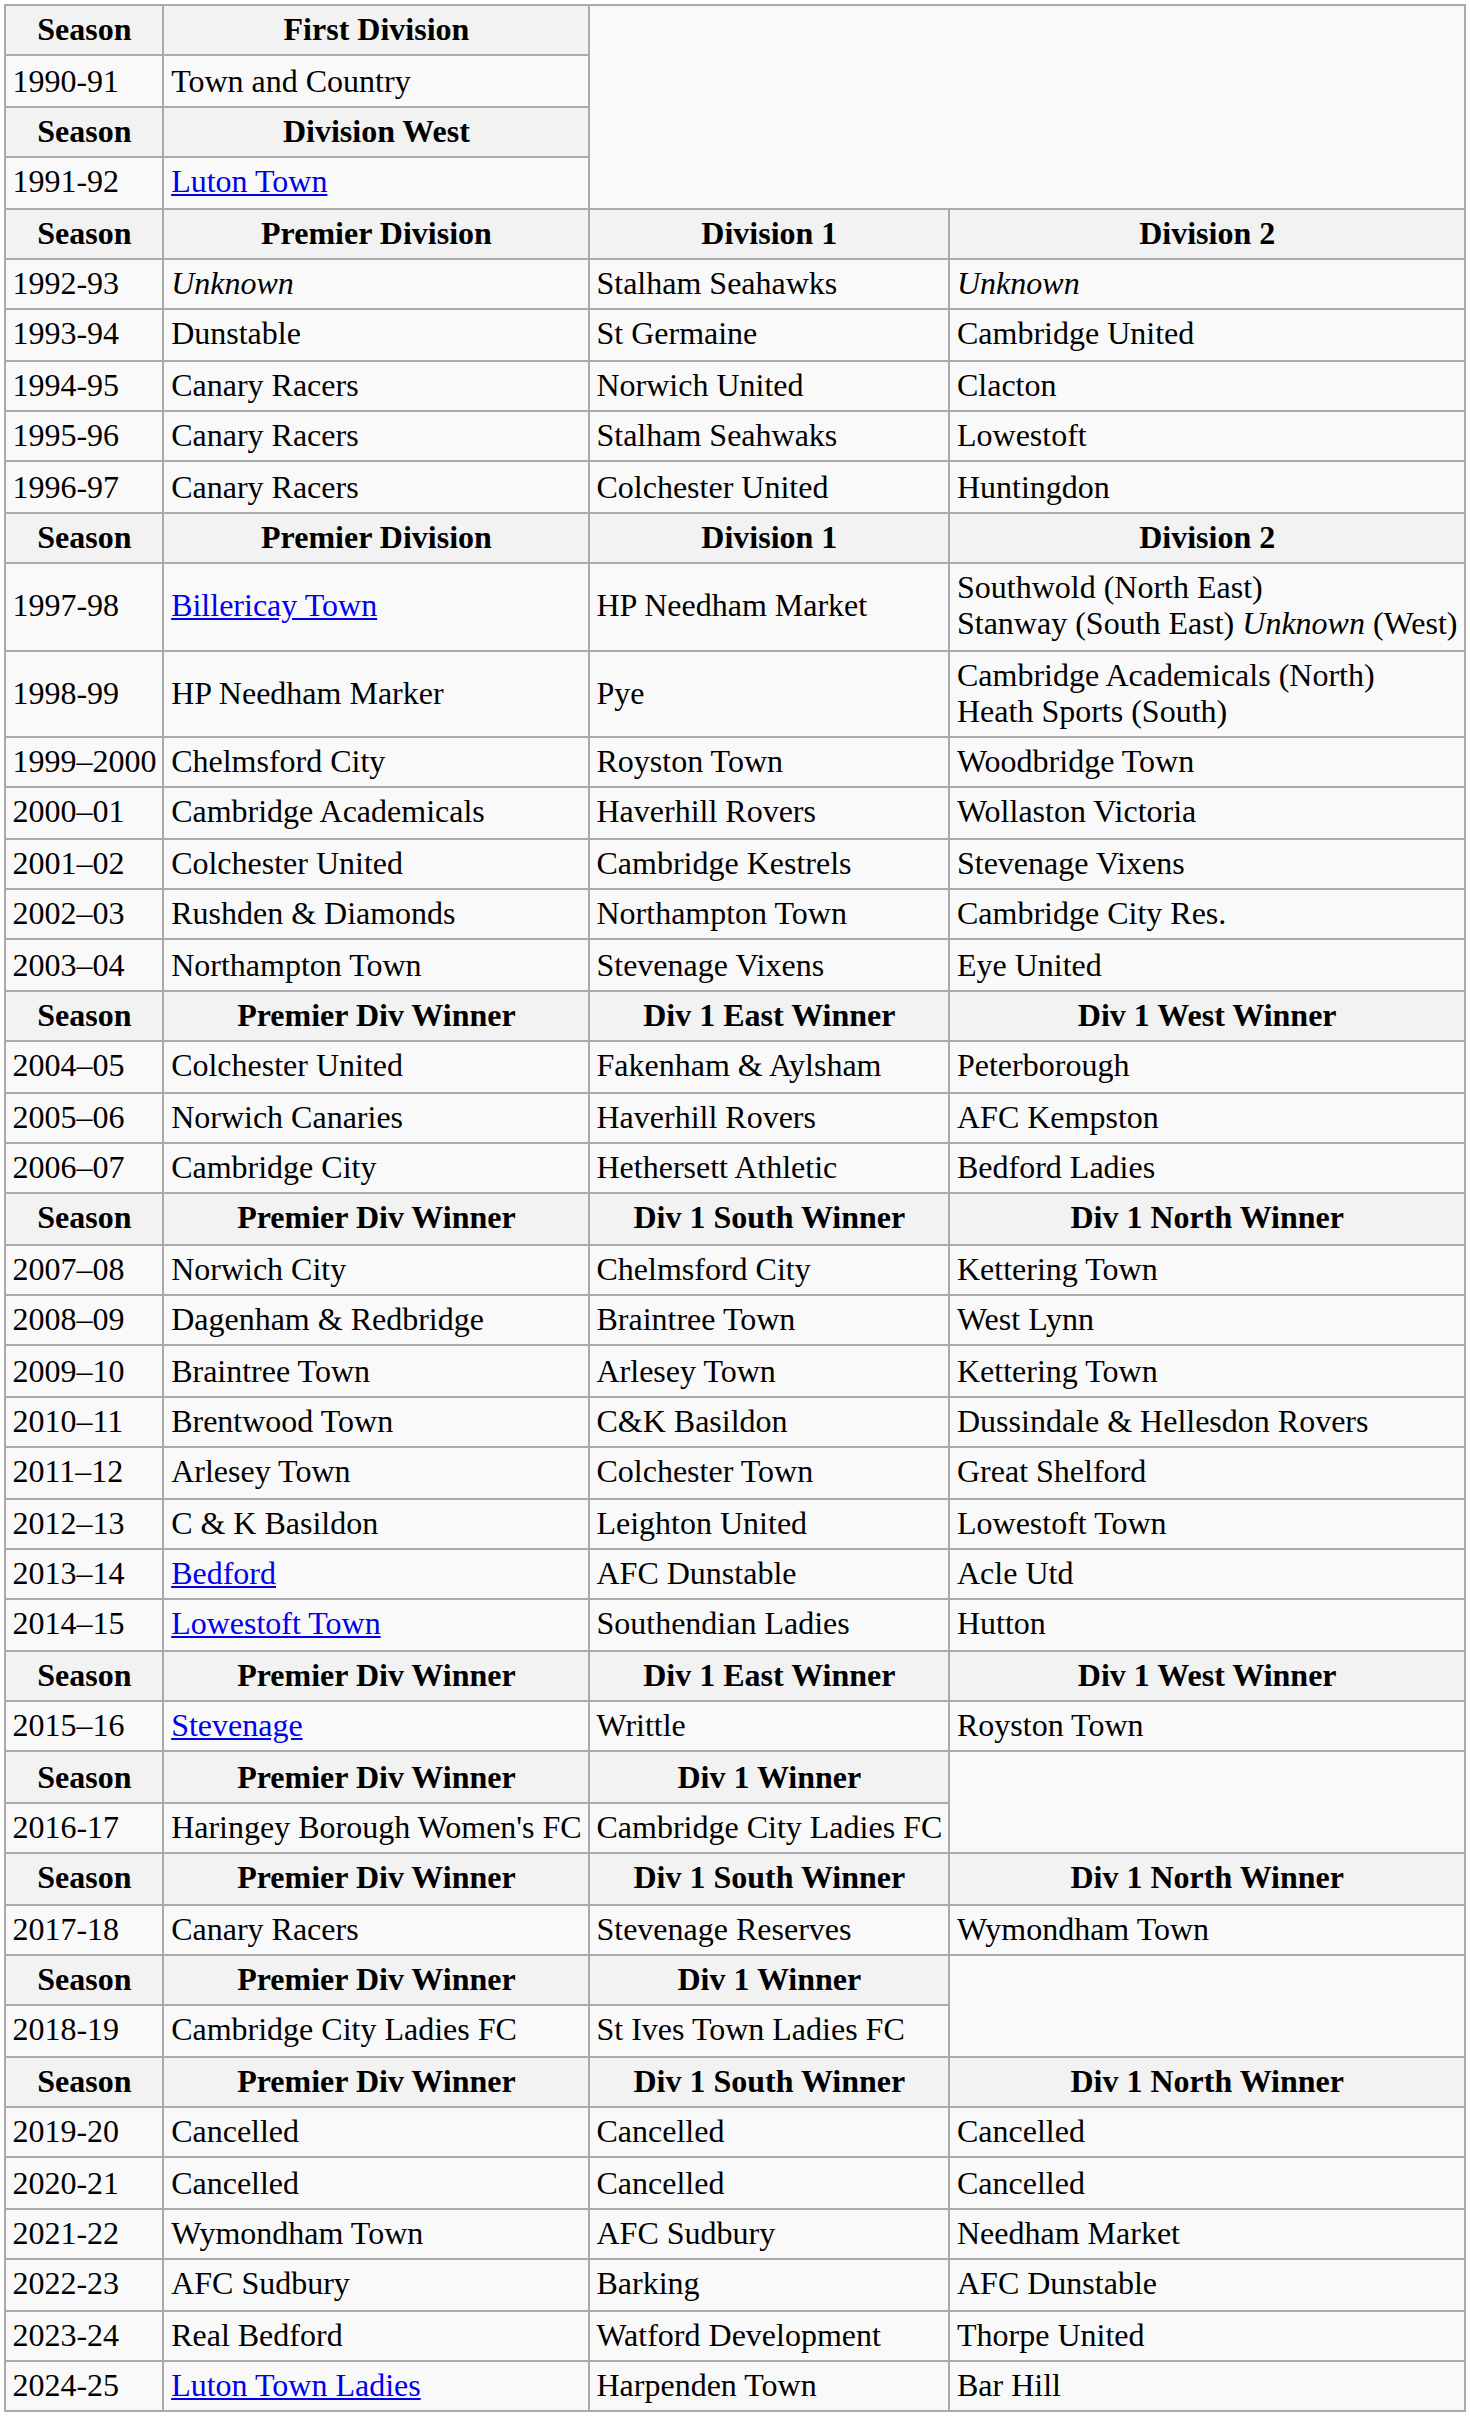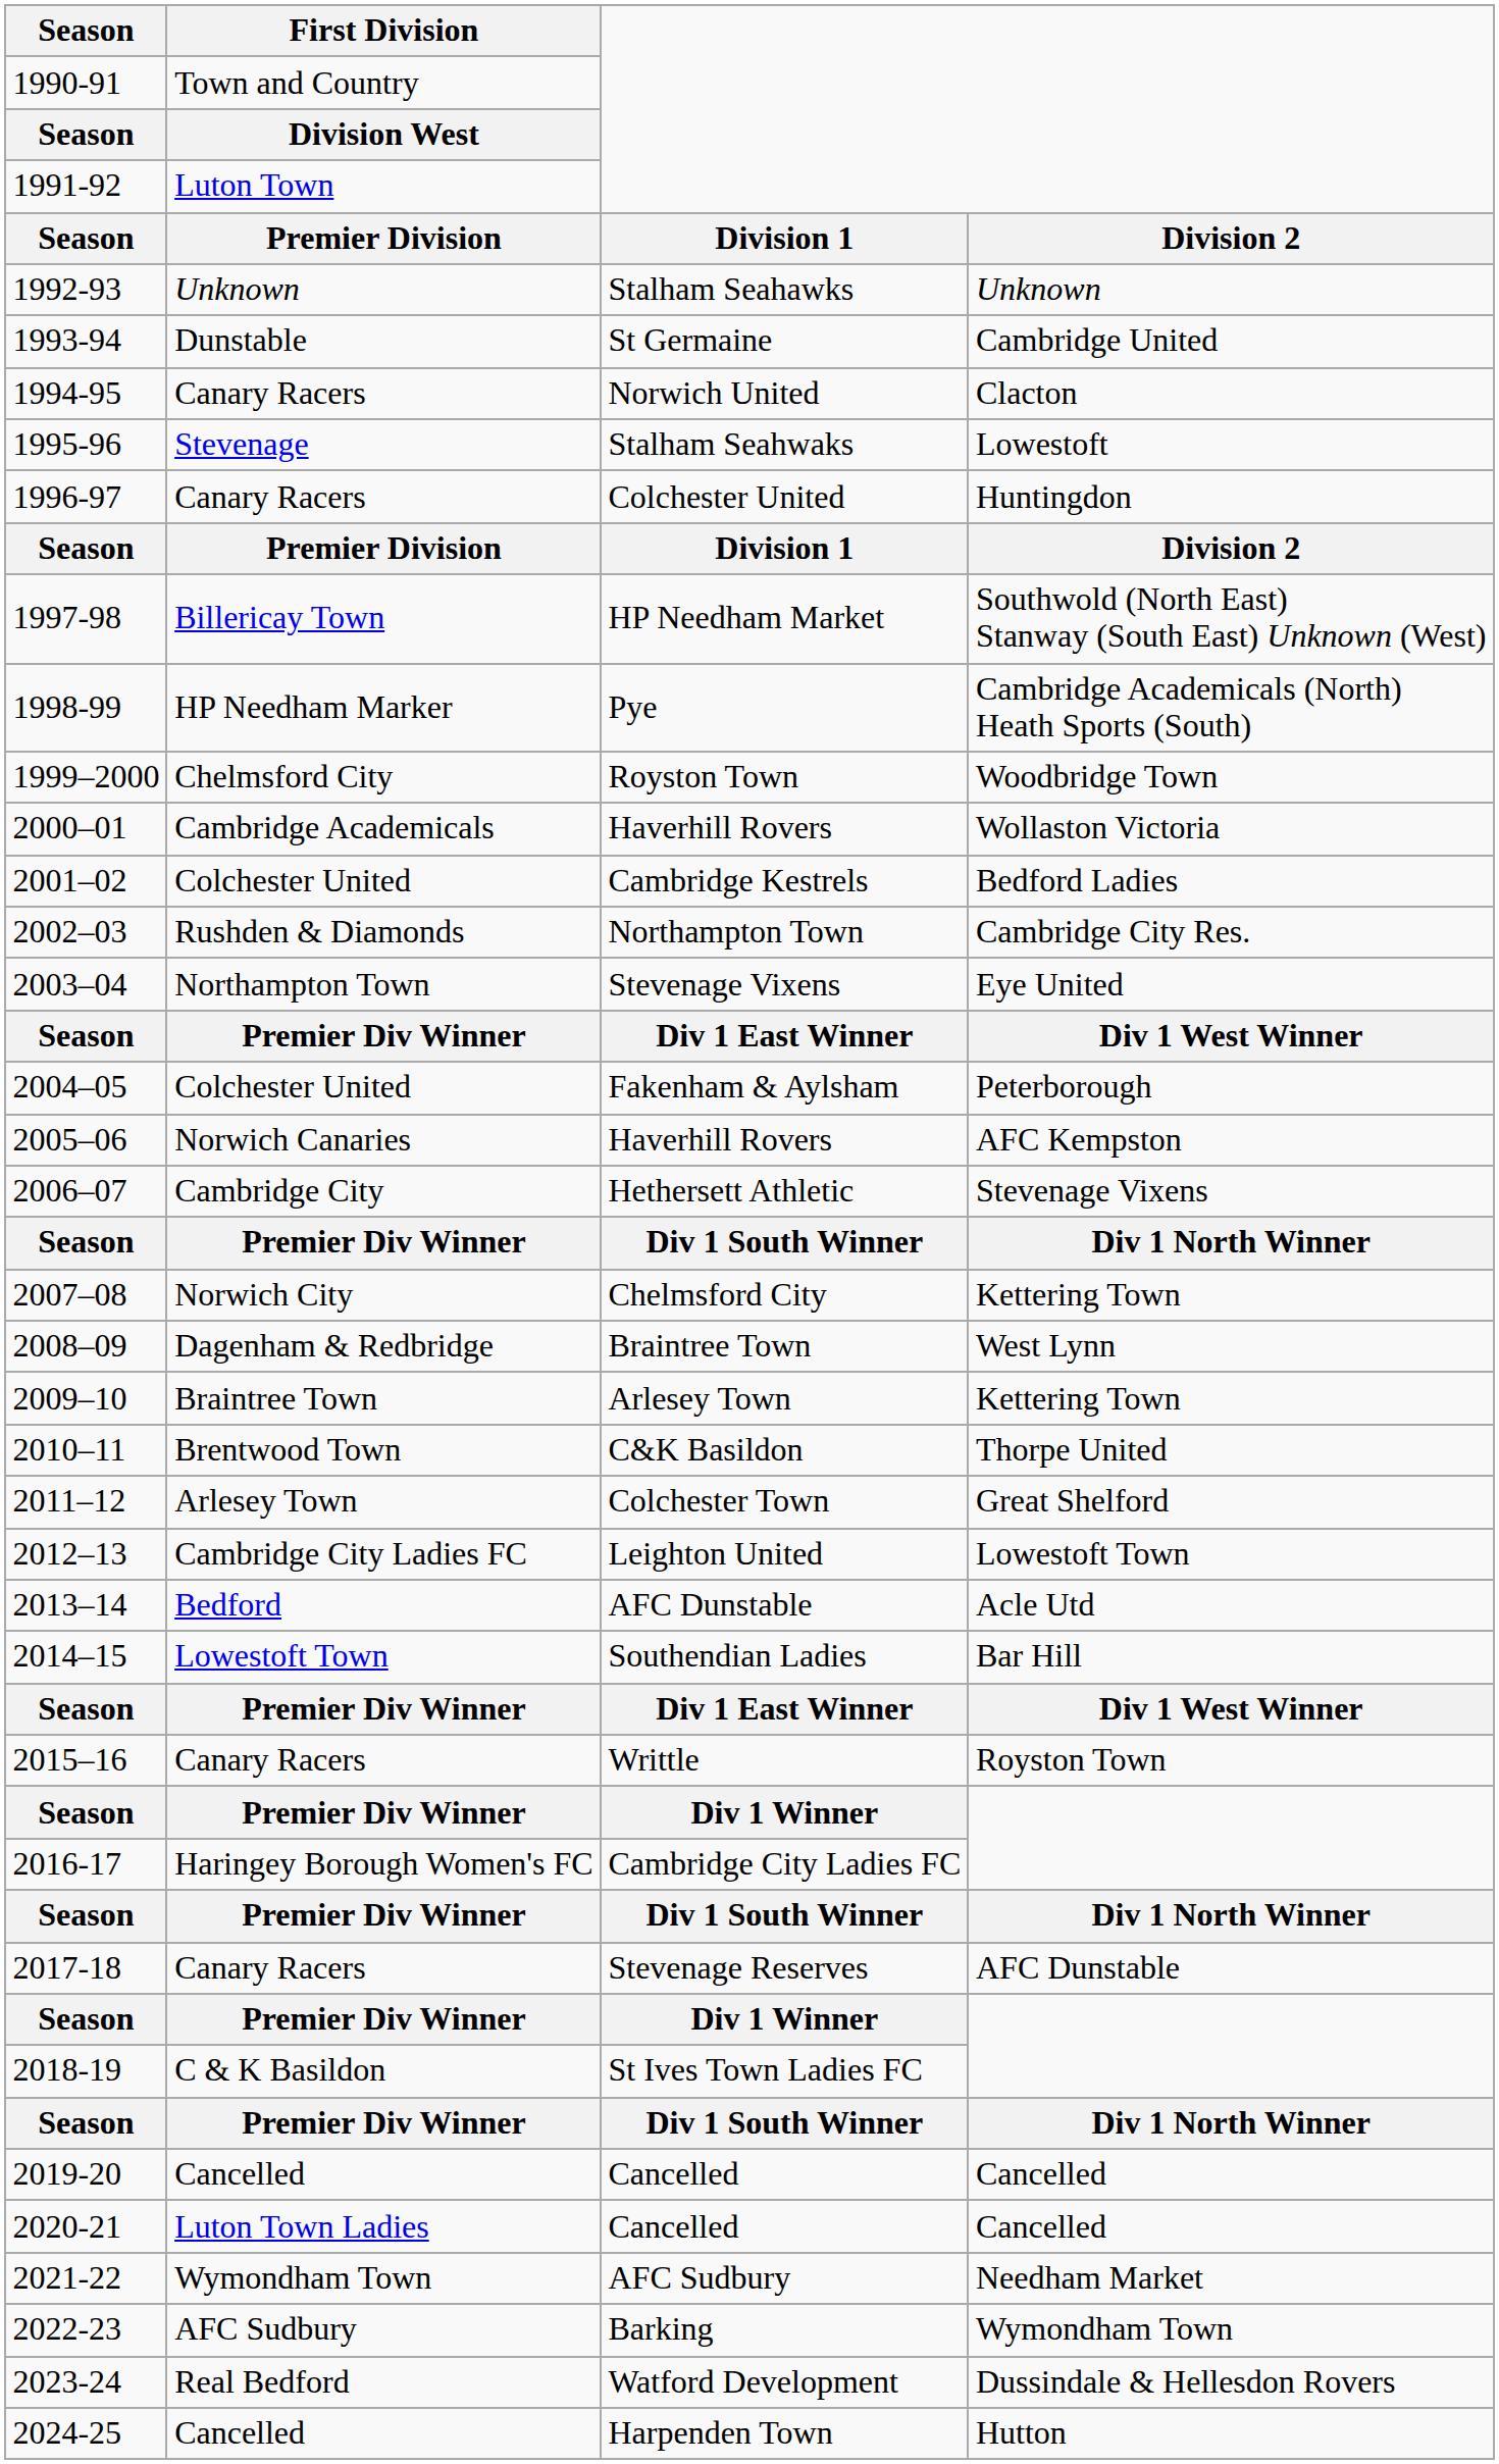 <table class="wikitable">
 <tr>
 <th>Season</th>
 <th>First Division</th>
 <td colspan="2" rowspan="4"></td>
 </tr>
 <tr>
 <td>1990-91</td>
 <td>Town and Country</td>
 </tr>
 <tr>
 <th>Season</th>
 <th>Division West</th>
 </tr>
 <tr>
 <td>1991-92</td>
 <td><a href='#'>Luton Town</a></td>
 </tr>
 <tr>
 <th>Season</th>
 <th>Premier Division</th>
 <th>Division 1</th>
 <th>Division 2</th>
 </tr>
 <tr>
 <td>1992-93</td>
 <td><em>Unknown</em></td>
 <td>Stalham Seahawks</td>
 <td><em>Unknown</em></td>
 </tr>
 <tr>
 <td>1993-94</td>
 <td>Dunstable</td>
 <td>St Germaine</td>
 <td>Cambridge United</td>
 </tr>
 <tr>
 <td>1994-95</td>
 <td>Canary Racers</td>
 <td>Norwich United</td>
 <td>Clacton</td>
 </tr>
 <tr>
 <td>1995-96</td>
-<td>Canary Racers</td>
+<td><a href='#'>Stevenage</a></td>
 <td>Stalham Seahwaks</td>
 <td>Lowestoft</td>
 </tr>
 <tr>
 <td>1996-97</td>
 <td>Canary Racers</td>
 <td>Colchester United</td>
 <td>Huntingdon</td>
 </tr>
 <tr>
 <th>Season</th>
 <th>Premier Division</th>
 <th>Division 1</th>
 <th>Division 2</th>
 </tr>
 <tr>
 <td>1997-98</td>
 <td><a href='#'>Billericay Town</a></td>
 <td>HP Needham Market</td>
 <td>Southwold (North East)<br>Stanway (South East) <em>Unknown</em> (West)</td>
 </tr>
 <tr>
 <td>1998-99</td>
 <td>HP Needham Marker</td>
 <td>Pye</td>
 <td>Cambridge Academicals (North)<br>Heath Sports (South)</td>
 </tr>
 <tr>
 <td>1999–2000</td>
 <td>Chelmsford City</td>
 <td>Royston Town</td>
 <td>Woodbridge Town</td>
 </tr>
 <tr>
 <td>2000–01</td>
 <td>Cambridge Academicals</td>
 <td>Haverhill Rovers</td>
 <td>Wollaston Victoria</td>
 </tr>
 <tr>
 <td>2001–02</td>
 <td>Colchester United</td>
 <td>Cambridge Kestrels</td>
-<td>Stevenage Vixens</td>
+<td>Bedford Ladies</td>
 </tr>
 <tr>
 <td>2002–03</td>
 <td>Rushden & Diamonds</td>
 <td>Northampton Town</td>
 <td>Cambridge City Res.</td>
 </tr>
 <tr>
 <td>2003–04</td>
 <td>Northampton Town</td>
 <td>Stevenage Vixens</td>
 <td>Eye United</td>
 </tr>
 <tr>
 <th>Season</th>
 <th>Premier Div Winner</th>
 <th>Div 1 East Winner</th>
 <th>Div 1 West Winner</th>
 </tr>
 <tr>
 <td>2004–05</td>
 <td>Colchester United</td>
 <td>Fakenham & Aylsham</td>
 <td>Peterborough</td>
 </tr>
 <tr>
 <td>2005–06</td>
 <td>Norwich Canaries</td>
 <td>Haverhill Rovers</td>
 <td>AFC Kempston</td>
 </tr>
 <tr>
 <td>2006–07</td>
 <td>Cambridge City</td>
 <td>Hethersett Athletic</td>
-<td>Bedford Ladies</td>
+<td>Stevenage Vixens</td>
 </tr>
 <tr>
 <th>Season</th>
 <th>Premier Div Winner</th>
 <th>Div 1 South Winner</th>
 <th>Div 1 North Winner</th>
 </tr>
 <tr>
 <td>2007–08</td>
 <td>Norwich City</td>
 <td>Chelmsford City</td>
 <td>Kettering Town</td>
 </tr>
 <tr>
 <td>2008–09</td>
 <td>Dagenham & Redbridge</td>
 <td>Braintree Town</td>
 <td>West Lynn</td>
 </tr>
 <tr>
 <td>2009–10</td>
 <td>Braintree Town</td>
 <td>Arlesey Town</td>
 <td>Kettering Town</td>
 </tr>
 <tr>
 <td>2010–11</td>
 <td>Brentwood Town</td>
 <td>C&K Basildon</td>
-<td>Dussindale & Hellesdon Rovers</td>
+<td>Thorpe United</td>
 </tr>
 <tr>
 <td>2011–12</td>
 <td>Arlesey Town</td>
 <td>Colchester Town</td>
 <td>Great Shelford</td>
 </tr>
 <tr>
 <td>2012–13</td>
-<td>C & K Basildon</td>
+<td>Cambridge City Ladies FC</td>
 <td>Leighton United</td>
 <td>Lowestoft Town</td>
 </tr>
 <tr>
 <td>2013–14</td>
 <td><a href='#'>Bedford</a></td>
 <td>AFC Dunstable</td>
 <td>Acle Utd</td>
 </tr>
 <tr>
 <td>2014–15</td>
 <td><a href='#'>Lowestoft Town</a></td>
 <td>Southendian Ladies</td>
-<td>Hutton</td>
+<td>Bar Hill</td>
 </tr>
 <tr>
 <th>Season</th>
 <th>Premier Div Winner</th>
 <th>Div 1 East Winner</th>
 <th>Div 1 West Winner</th>
 </tr>
 <tr>
 <td>2015–16</td>
-<td><a href='#'>Stevenage</a></td>
+<td>Canary Racers</td>
 <td>Writtle</td>
 <td>Royston Town</td>
 </tr>
 <tr>
 <th>Season</th>
 <th>Premier Div Winner</th>
 <th>Div 1 Winner</th>
 </tr>
 <tr>
 <td>2016-17</td>
 <td>Haringey Borough Women's FC</td>
 <td>Cambridge City Ladies FC</td>
 </tr>
 <tr>
 <th>Season</th>
 <th>Premier Div Winner</th>
 <th>Div 1 South Winner</th>
 <th>Div 1 North Winner</th>
 </tr>
 <tr>
 <td>2017-18</td>
 <td>Canary Racers</td>
 <td>Stevenage Reserves</td>
-<td>Wymondham Town</td>
+<td>AFC Dunstable</td>
 </tr>
 <tr>
 <th>Season</th>
 <th>Premier Div Winner</th>
 <th>Div 1 Winner</th>
 </tr>
 <tr>
 <td>2018-19</td>
-<td>Cambridge City Ladies FC</td>
+<td>C & K Basildon</td>
 <td>St Ives Town Ladies FC</td>
 </tr>
 <tr>
 <th>Season</th>
 <th>Premier Div Winner</th>
 <th>Div 1 South Winner</th>
 <th>Div 1 North Winner</th>
 </tr>
 <tr>
 <td>2019-20</td>
 <td>Cancelled</td>
 <td>Cancelled</td>
 <td>Cancelled</td>
 </tr>
 <tr>
 <td>2020-21</td>
-<td>Cancelled</td>
+<td><a href='#'>Luton Town Ladies</a></td>
 <td>Cancelled</td>
 <td>Cancelled</td>
 </tr>
 <tr>
 <td>2021-22</td>
 <td>Wymondham Town</td>
 <td>AFC Sudbury</td>
 <td>Needham Market</td>
 </tr>
 <tr>
 <td>2022-23</td>
 <td>AFC Sudbury</td>
 <td>Barking</td>
-<td>AFC Dunstable</td>
+<td>Wymondham Town</td>
 </tr>
 <tr>
 <td>2023-24</td>
 <td>Real Bedford</td>
 <td>Watford Development</td>
-<td>Thorpe United</td>
+<td>Dussindale & Hellesdon Rovers</td>
 </tr>
 <tr>
 <td>2024-25</td>
-<td><a href='#'>Luton Town Ladies</a></td>
+<td>Cancelled</td>
 <td>Harpenden Town</td>
-<td>Bar Hill</td>
+<td>Hutton</td>
 </tr>
 </table>
